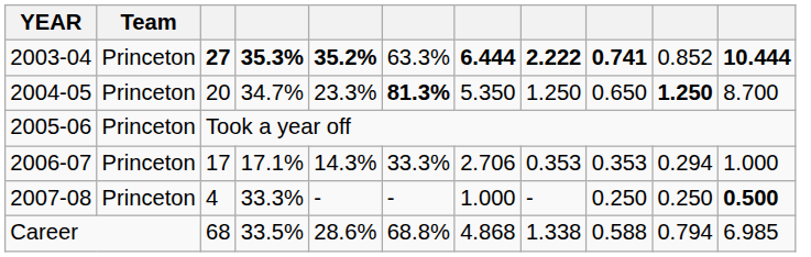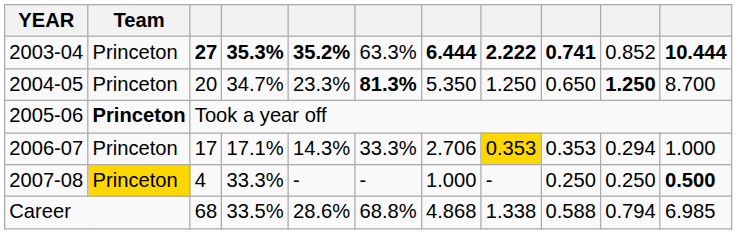 <table class="wikitable">
 <tr>
 <th>YEAR</th>
 <th>Team</th>
 <th></th>
 <th></th>
 <th></th>
 <th></th>
 <th></th>
 <th></th>
 <th></th>
 <th></th>
 <th></th>
 </tr>
 <tr>
 <td>2003-04</td>
 <td>Princeton</td>
 <td><strong>27</strong></td>
 <td><strong>35.3%</strong></td>
 <td><strong>35.2%</strong></td>
 <td>63.3%</td>
 <td><strong>6.444</strong></td>
 <td><strong>2.222</strong></td>
 <td><strong>0.741</strong></td>
 <td>0.852</td>
 <td><strong>10.444</strong></td>
 </tr>
 <tr>
 <td>2004-05</td>
 <td>Princeton</td>
 <td>20</td>
 <td>34.7%</td>
 <td>23.3%</td>
 <td><strong>81.3%</strong></td>
 <td>5.350</td>
 <td>1.250</td>
 <td>0.650</td>
 <td><strong>1.250</strong></td>
 <td>8.700</td>
 </tr>
 <tr>
 <td>2005-06</td>
-<td>Princeton</td>
+<td><strong>Princeton</strong></td>
 <td colspan="9">Took a year off</td>
 </tr>
 <tr>
 <td>2006-07</td>
 <td>Princeton</td>
 <td>17</td>
 <td>17.1%</td>
 <td>14.3%</td>
 <td>33.3%</td>
 <td>2.706</td>
-<td>0.353</td>
+<td style="background: gold;">0.353</td>
 <td>0.353</td>
 <td>0.294</td>
 <td>1.000</td>
 </tr>
 <tr>
 <td>2007-08</td>
-<td>Princeton</td>
+<td style="background: gold;">Princeton</td>
 <td>4</td>
 <td>33.3%</td>
 <td>-</td>
 <td>-</td>
 <td>1.000</td>
 <td>-</td>
 <td>0.250</td>
 <td>0.250</td>
 <td><strong>0.500</strong></td>
 </tr>
 <tr>
 <td colspan="2">Career</td>
 <td>68</td>
 <td>33.5%</td>
 <td>28.6%</td>
 <td>68.8%</td>
 <td>4.868</td>
 <td>1.338</td>
 <td>0.588</td>
 <td>0.794</td>
 <td>6.985</td>
 </tr>
 </table>
